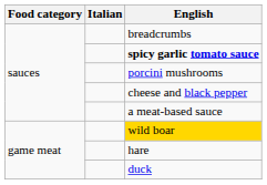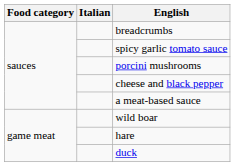 <table class="wikitable">
 <tr>
 <th>Food category</th>
 <th>Italian</th>
 <th>English</th>
 </tr>
 <tr>
 <td rowspan="5">sauces</td>
 <td></td>
 <td>breadcrumbs</td>
 </tr>
 <tr>
 <td></td>
-<td><strong>spicy garlic <a href='#'>tomato sauce</a></strong></td>
+<td>spicy garlic <a href='#'>tomato sauce</a></td>
 </tr>
 <tr>
 <td></td>
 <td><a href='#'>porcini</a> mushrooms</td>
 </tr>
 <tr>
 <td></td>
 <td>cheese and <a href='#'>black pepper</a></td>
 </tr>
 <tr>
 <td></td>
 <td>a meat-based sauce</td>
 </tr>
 <tr>
 <td rowspan=3>game meat</td>
 <td></td>
-<td style="background: gold;">wild boar</td>
+<td>wild boar</td>
 </tr>
 <tr>
 <td></td>
 <td>hare</td>
 </tr>
 <tr>
 <td></td>
 <td><a href='#'>duck</a></td>
 </tr>
 </table>
